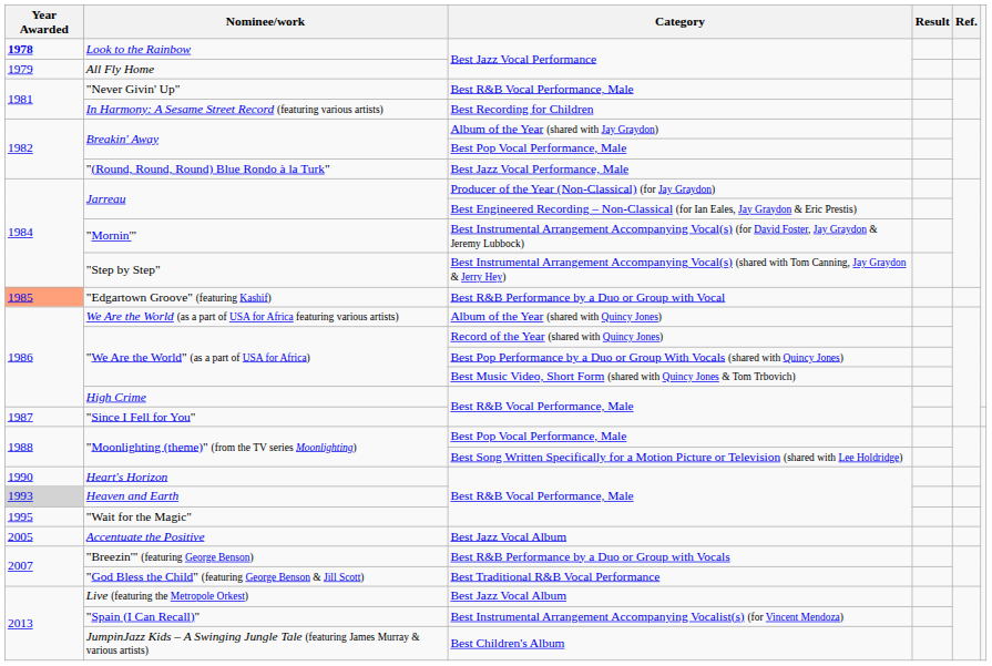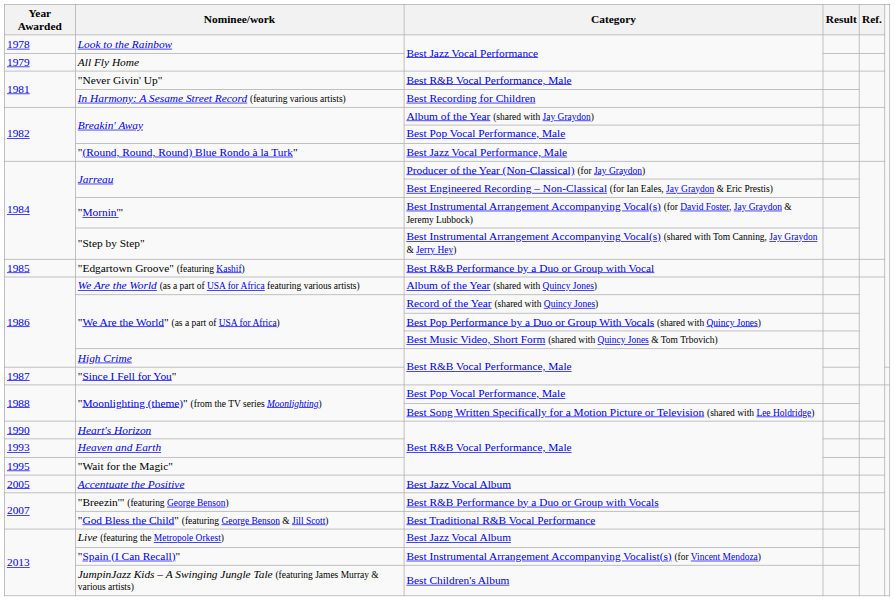 <table class="wikitable">
 <tr>
 <th>Year Awarded</th>
 <th>Nominee/work</th>
 <th>Category</th>
 <th>Result</th>
 <th>Ref.</th>
 </tr>
 <tr>
-<td><strong><a href='#'>1978</a></strong></td>
+<td><a href='#'>1978</a></td>
 <td><em><a href='#'>Look to the Rainbow</a></em></td>
 <td rowspan="2"><a href='#'>Best Jazz Vocal Performance</a></td>
 <td></td>
 <td></td>
 </tr>
 <tr>
 <td><a href='#'>1979</a></td>
 <td><em>All Fly Home</em></td>
 <td></td>
 <td></td>
 </tr>
 <tr>
 <td rowspan="2"><a href='#'>1981</a></td>
 <td>"Never Givin' Up"</td>
 <td><a href='#'>Best R&B Vocal Performance, Male</a></td>
 <td></td>
 <td rowspan="2"></td>
 </tr>
 <tr>
 <td><em><a href='#'>In Harmony: A Sesame Street Record</a></em> <small>(featuring various artists)</small></td>
 <td><a href='#'>Best Recording for Children</a></td>
 <td></td>
 </tr>
 <tr>
 <td rowspan="3"><a href='#'>1982</a></td>
 <td rowspan="2"><em><a href='#'>Breakin' Away</a></em></td>
 <td><a href='#'>Album of the Year</a> <small>(shared with <a href='#'>Jay Graydon</a>)</small></td>
 <td></td>
 <td rowspan="3"></td>
 </tr>
 <tr>
 <td><a href='#'>Best Pop Vocal Performance, Male</a></td>
 <td></td>
 </tr>
 <tr>
 <td>"<a href='#'>(Round, Round, Round) Blue Rondo à la Turk</a>"</td>
 <td><a href='#'>Best Jazz Vocal Performance, Male</a></td>
 <td></td>
 </tr>
 <tr>
 <td rowspan="4"><a href='#'>1984</a></td>
 <td rowspan="2"><em><a href='#'>Jarreau</a></em></td>
 <td><a href='#'>Producer of the Year (Non-Classical)</a> <small>(for <a href='#'>Jay Graydon</a>)</small></td>
 <td></td>
 <td rowspan="4"></td>
 </tr>
 <tr>
 <td><a href='#'>Best Engineered Recording – Non-Classical</a> <small>(for Ian Eales, <a href='#'>Jay Graydon</a> & Eric Prestis)</small></td>
 <td></td>
 </tr>
 <tr>
 <td>"<a href='#'>Mornin'</a>"</td>
 <td><a href='#'>Best Instrumental Arrangement Accompanying Vocal(s)</a> <small>(for <a href='#'>David Foster</a>, <a href='#'>Jay Graydon</a> & Jeremy Lubbock)</small></td>
 <td></td>
 </tr>
 <tr>
 <td>"Step by Step"</td>
 <td><a href='#'>Best Instrumental Arrangement Accompanying Vocal(s)</a> <small>(shared with Tom Canning, <a href='#'>Jay Graydon</a> & <a href='#'>Jerry Hey</a>)</small></td>
 <td></td>
 </tr>
 <tr>
-<td style="background: lightsalmon;"><a href='#'>1985</a></td>
+<td><a href='#'>1985</a></td>
 <td>"Edgartown Groove" <small>(featuring <a href='#'>Kashif</a>)</small></td>
 <td><a href='#'>Best R&B Performance by a Duo or Group with Vocal</a></td>
 <td></td>
 <td></td>
 </tr>
 <tr>
 <td rowspan="5"><a href='#'>1986</a></td>
 <td><em><a href='#'>We Are the World</a></em> <small>(as a part of <a href='#'>USA for Africa</a> featuring various artists)</small></td>
 <td><a href='#'>Album of the Year</a> <small>(shared with <a href='#'>Quincy Jones</a>)</small></td>
 <td></td>
 <td rowspan="6"></td>
 </tr>
 <tr>
 <td rowspan="3">"<a href='#'>We Are the World</a>" <small>(as a part of <a href='#'>USA for Africa</a>)</small></td>
 <td><a href='#'>Record of the Year</a> <small>(shared with <a href='#'>Quincy Jones</a>)</small></td>
 <td></td>
 </tr>
 <tr>
 <td><a href='#'>Best Pop Performance by a Duo or Group With Vocals</a> <small>(shared with <a href='#'>Quincy Jones</a>)</small></td>
 <td></td>
 </tr>
 <tr>
 <td><a href='#'>Best Music Video, Short Form</a> <small>(shared with <a href='#'>Quincy Jones</a> & Tom Trbovich)</small></td>
 <td></td>
 </tr>
 <tr>
 <td><em><a href='#'>High Crime</a></em></td>
 <td rowspan="2"><a href='#'>Best R&B Vocal Performance, Male</a></td>
 <td></td>
 </tr>
 <tr>
 <td><a href='#'>1987</a></td>
 <td>"<a href='#'>Since I Fell for You</a>"</td>
 <td></td>
 <td></td>
 </tr>
 <tr>
 <td rowspan="2"><a href='#'>1988</a></td>
 <td rowspan="2">"<a href='#'>Moonlighting (theme)</a>" <small>(from the TV series <em><a href='#'>Moonlighting</a></em>)</small></td>
 <td><a href='#'>Best Pop Vocal Performance, Male</a></td>
 <td></td>
 <td rowspan="2"></td>
 </tr>
 <tr>
 <td><a href='#'>Best Song Written Specifically for a Motion Picture or Television</a> <small>(shared with <a href='#'>Lee Holdridge</a>)</small></td>
 <td></td>
 </tr>
 <tr>
 <td><a href='#'>1990</a></td>
 <td><em><a href='#'>Heart's Horizon</a></em></td>
 <td rowspan="3"><a href='#'>Best R&B Vocal Performance, Male</a></td>
 <td></td>
 <td></td>
 </tr>
 <tr>
-<td style="background: lightgrey;"><a href='#'>1993</a></td>
+<td><a href='#'>1993</a></td>
 <td><em><a href='#'>Heaven and Earth</a></em></td>
 <td></td>
 <td></td>
 </tr>
 <tr>
 <td><a href='#'>1995</a></td>
 <td>"Wait for the Magic"</td>
 <td></td>
 <td></td>
 </tr>
 <tr>
 <td><a href='#'>2005</a></td>
 <td><em><a href='#'>Accentuate the Positive</a></em></td>
 <td><a href='#'>Best Jazz Vocal Album</a></td>
 <td></td>
 <td></td>
 </tr>
 <tr>
 <td rowspan="2"><a href='#'>2007</a></td>
 <td>"Breezin'" <small>(featuring <a href='#'>George Benson</a>)</small></td>
 <td><a href='#'>Best R&B Performance by a Duo or Group with Vocals</a></td>
 <td></td>
 <td rowspan="2"></td>
 </tr>
 <tr>
 <td>"<a href='#'>God Bless the Child</a>" <small>(featuring <a href='#'>George Benson</a> & <a href='#'>Jill Scott</a>)</small></td>
 <td><a href='#'>Best Traditional R&B Vocal Performance</a></td>
 <td></td>
 </tr>
 <tr>
 <td rowspan="3"><a href='#'>2013</a></td>
 <td><em>Live</em> <small>(featuring the <a href='#'>Metropole Orkest</a>)</small></td>
 <td><a href='#'>Best Jazz Vocal Album</a></td>
 <td></td>
 <td rowspan="3"></td>
 </tr>
 <tr>
 <td>"<a href='#'>Spain (I Can Recall)</a>"</td>
 <td><a href='#'>Best Instrumental Arrangement Accompanying Vocalist(s)</a> <small>(for <a href='#'>Vincent Mendoza</a>)</small></td>
 <td></td>
 </tr>
 <tr>
 <td><em>JumpinJazz Kids – A Swinging Jungle Tale</em> <small>(featuring James Murray & various artists)</small></td>
 <td><a href='#'>Best Children's Album</a></td>
 <td></td>
 </tr>
 </table>
